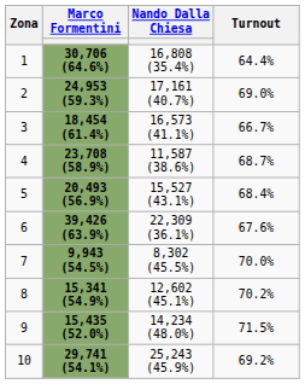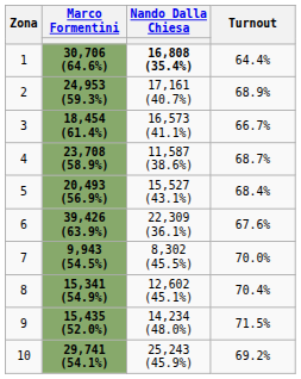 <table class="wikitable" style="text-align:center; font-size:85%; line-height:13px">
 <tr style="height:30px; background-color:#E9E9E9">
 <th style="width:30px;" rowspan="2">Zona</th>
 <th style="width:75px;"><a href='#'>Marco Formentini</a></th>
 <th style="width:75px;"><a href='#'>Nando Dalla Chiesa</a></th>
 <th rowspan="2" style="width:75px;">Turnout</th>
 </tr>
 <tr>
 <th style="background:"></th>
 <th style="background:"></th>
 </tr>
 <tr>
 <td>1</td>
 <td style="background:#87A96B"><strong>30,706 <br>(64.6%)</strong></td>
-<td>16,808 <br>(35.4%)</td>
+<td><strong>16,808 <br>(35.4%)</strong></td>
 <td>64.4%</td>
 </tr>
 <tr>
 <td>2</td>
 <td style="background:#87A96B"><strong>24,953 <br>(59.3%)</strong></td>
 <td>17,161 <br>(40.7%)</td>
-<td>69.0%</td>
+<td>68.9%</td>
 </tr>
 <tr>
 <td>3</td>
 <td style="background:#87A96B"><strong>18,454 <br>(61.4%)</strong></td>
 <td>16,573 <br>(41.1%)</td>
 <td>66.7%</td>
 </tr>
 <tr>
 <td>4</td>
 <td style="background:#87A96B"><strong>23,708 <br>(58.9%)</strong></td>
 <td>11,587 <br>(38.6%)</td>
 <td>68.7%</td>
 </tr>
 <tr>
 <td>5</td>
 <td style="background:#87A96B"><strong>20,493 <br>(56.9%)</strong></td>
 <td>15,527 <br>(43.1%)</td>
 <td>68.4%</td>
 </tr>
 <tr>
 <td>6</td>
 <td style="background:#87A96B"><strong>39,426 <br>(63.9%)</strong></td>
 <td>22,309 <br>(36.1%)</td>
 <td>67.6%</td>
 </tr>
 <tr>
 <td>7</td>
 <td style="background:#87A96B"><strong>9,943 <br>(54.5%)</strong></td>
 <td>8,302 <br>(45.5%)</td>
 <td>70.0%</td>
 </tr>
 <tr>
 <td>8</td>
 <td style="background:#87A96B"><strong>15,341 <br>(54.9%)</strong></td>
 <td>12,602 <br>(45.1%)</td>
-<td>70.2%</td>
+<td>70.4%</td>
 </tr>
 <tr>
 <td>9</td>
 <td style="background:#87A96B"><strong>15,435 <br>(52.0%)</strong></td>
 <td>14,234 <br>(48.0%)</td>
 <td>71.5%</td>
 </tr>
 <tr>
 <td>10</td>
 <td style="background:#87A96B"><strong>29,741 <br>(54.1%)</strong></td>
 <td>25,243 <br>(45.9%)</td>
 <td>69.2%</td>
 </tr>
 </table>
